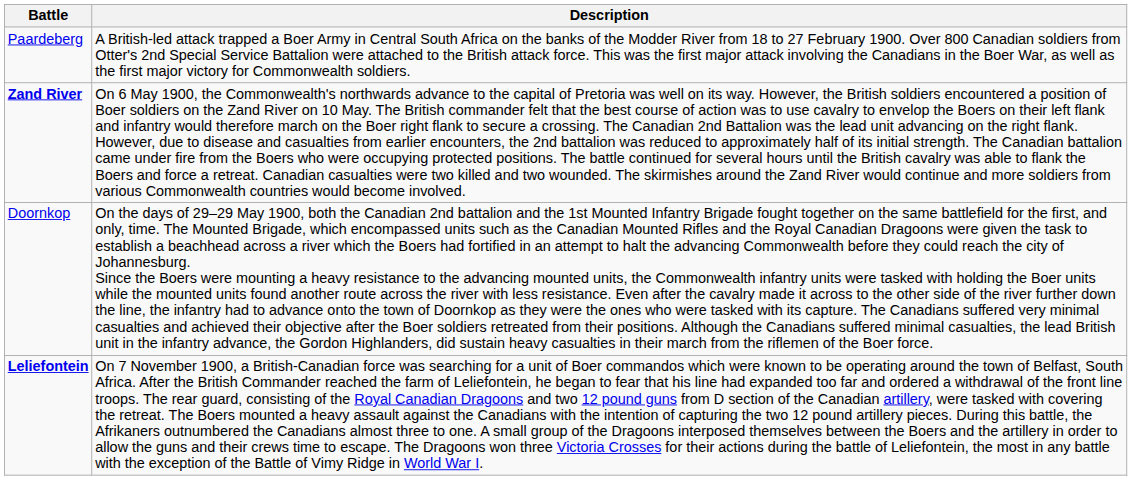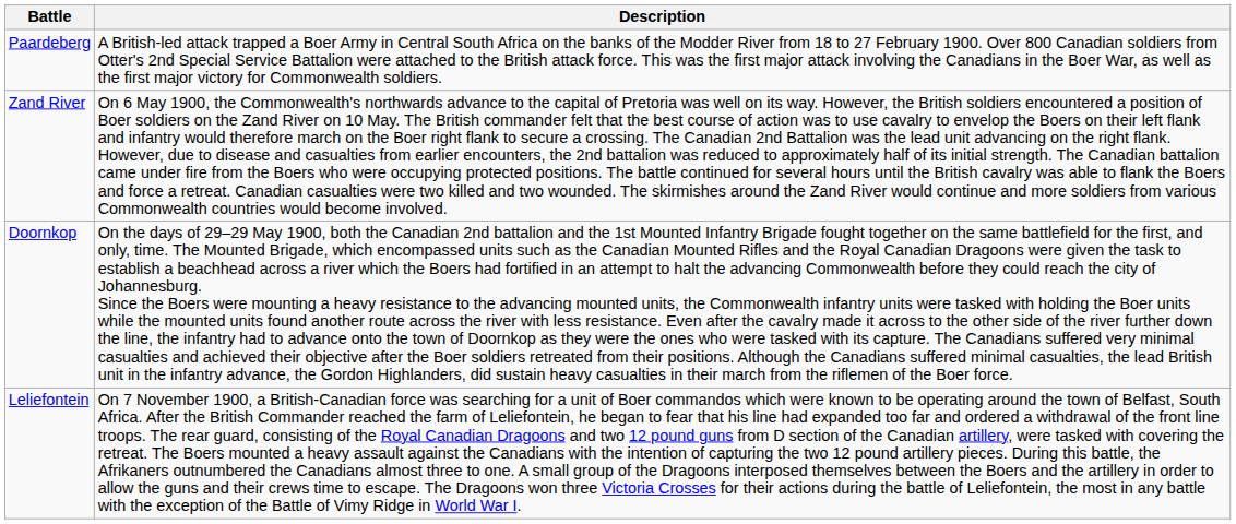 <table class="wikitable">
 <tr>
 <th>Battle</th>
 <th>Description</th>
 </tr>
 <tr valign="top">
 <td><a href='#'>Paardeberg</a></td>
 <td>A British-led attack trapped a Boer Army in Central South Africa on the banks of the Modder River from 18 to 27 February 1900. Over 800 Canadian soldiers from Otter's 2nd Special Service Battalion were attached to the British attack force. This was the first major attack involving the Canadians in the Boer War, as well as the first major victory for Commonwealth soldiers.</td>
 </tr>
 <tr valign="top">
-<td><strong><a href='#'>Zand River</a></strong></td>
+<td><a href='#'>Zand River</a></td>
 <td>On 6 May 1900, the Commonwealth's northwards advance to the capital of Pretoria was well on its way. However, the British soldiers encountered a position of Boer soldiers on the Zand River on 10 May. The British commander felt that the best course of action was to use cavalry to envelop the Boers on their left flank and infantry would therefore march on the Boer right flank to secure a crossing. The Canadian 2nd Battalion was the lead unit advancing on the right flank. However, due to disease and casualties from earlier encounters, the 2nd battalion was reduced to approximately half of its initial strength. The Canadian battalion came under fire from the Boers who were occupying protected positions. The battle continued for several hours until the British cavalry was able to flank the Boers and force a retreat. Canadian casualties were two killed and two wounded. The skirmishes around the Zand River would continue and more soldiers from various Commonwealth countries would become involved.</td>
 </tr>
 <tr valign="top">
 <td><a href='#'>Doornkop</a></td>
 <td>On the days of 29–29 May 1900, both the Canadian 2nd battalion and the 1st Mounted Infantry Brigade fought together on the same battlefield for the first, and only, time. The Mounted Brigade, which encompassed units such as the Canadian Mounted Rifles and the Royal Canadian Dragoons were given the task to establish a beachhead across a river which the Boers had fortified in an attempt to halt the advancing Commonwealth before they could reach the city of Johannesburg.<br>Since the Boers were mounting a heavy resistance to the advancing mounted units, the Commonwealth infantry units were tasked with holding the Boer units while the mounted units found another route across the river with less resistance. Even after the cavalry made it across to the other side of the river further down the line, the infantry had to advance onto the town of Doornkop as they were the ones who were tasked with its capture. The Canadians suffered very minimal casualties and achieved their objective after the Boer soldiers retreated from their positions. Although the Canadians suffered minimal casualties, the lead British unit in the infantry advance, the Gordon Highlanders, did sustain heavy casualties in their march from the riflemen of the Boer force.</td>
 </tr>
 <tr valign="top">
-<td><strong><a href='#'>Leliefontein</a></strong></td>
+<td><a href='#'>Leliefontein</a></td>
 <td>On 7 November 1900, a British-Canadian force was searching for a unit of Boer commandos which were known to be operating around the town of Belfast, South Africa. After the British Commander reached the farm of Leliefontein, he began to fear that his line had expanded too far and ordered a withdrawal of the front line troops. The rear guard, consisting of the <a href='#'>Royal Canadian Dragoons</a> and two <a href='#'>12 pound guns</a> from D section of the Canadian <a href='#'>artillery</a>, were tasked with covering the retreat. The Boers mounted a heavy assault against the Canadians with the intention of capturing the two 12 pound artillery pieces. During this battle, the Afrikaners outnumbered the Canadians almost three to one. A small group of the Dragoons interposed themselves between the Boers and the artillery in order to allow the guns and their crews time to escape. The Dragoons won three <a href='#'>Victoria Crosses</a> for their actions during the battle of Leliefontein, the most in any battle with the exception of the Battle of Vimy Ridge in <a href='#'>World War I</a>.</td>
 </tr>
 </table>
